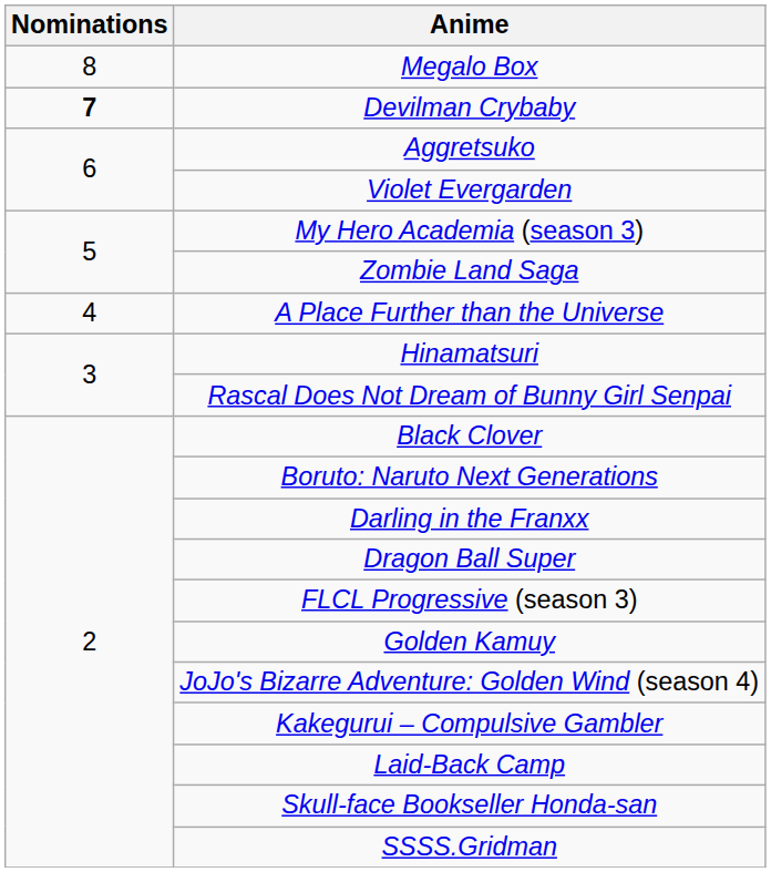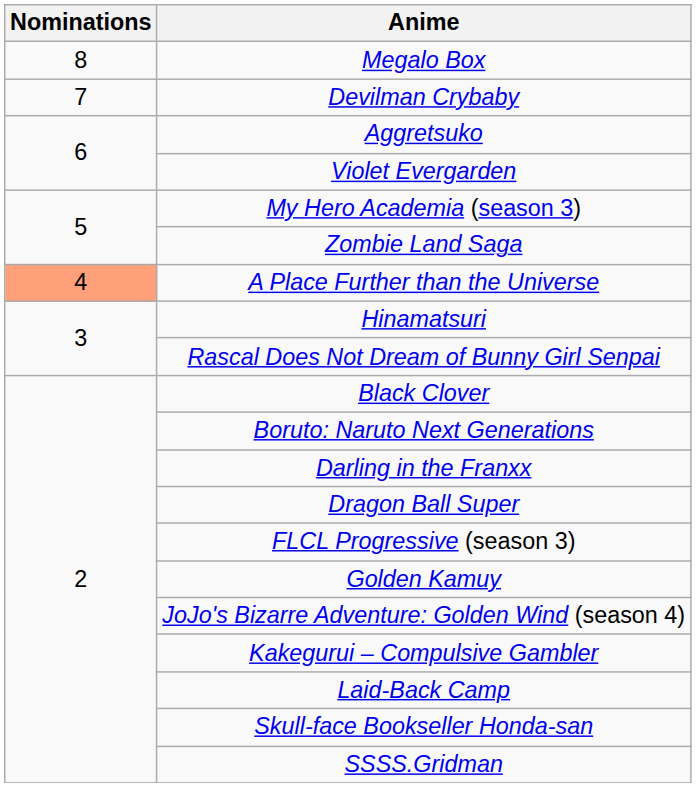 <table class="wikitable" style="text-align: center">
 <tr>
 <th scope="col" width="55">Nominations</th>
 <th scope="col" align="center">Anime</th>
 </tr>
 <tr>
 <td>8</td>
 <td><em><a href='#'>Megalo Box</a></em></td>
 </tr>
 <tr>
-<td><strong>7</strong></td>
+<td>7</td>
 <td><em><a href='#'>Devilman Crybaby</a></em></td>
 </tr>
 <tr>
 <td rowspan="2">6</td>
 <td><em><a href='#'>Aggretsuko</a></em></td>
 </tr>
 <tr>
 <td><em><a href='#'>Violet Evergarden</a></em></td>
 </tr>
 <tr>
 <td rowspan="2">5</td>
 <td><em><a href='#'>My Hero Academia</a></em> (<a href='#'>season 3</a>)</td>
 </tr>
 <tr>
 <td><em><a href='#'>Zombie Land Saga</a></em></td>
 </tr>
 <tr>
-<td>4</td>
+<td style="background: lightsalmon;">4</td>
 <td><em><a href='#'>A Place Further than the Universe</a></em></td>
 </tr>
 <tr>
 <td rowspan="2">3</td>
 <td><em><a href='#'>Hinamatsuri</a></em></td>
 </tr>
 <tr>
 <td><em><a href='#'>Rascal Does Not Dream of Bunny Girl Senpai</a></em></td>
 </tr>
 <tr>
 <td rowspan="11">2</td>
 <td><em><a href='#'>Black Clover</a></em></td>
 </tr>
 <tr>
 <td><em><a href='#'>Boruto: Naruto Next Generations</a></em></td>
 </tr>
 <tr>
 <td><em><a href='#'>Darling in the Franxx</a></em></td>
 </tr>
 <tr>
 <td><em><a href='#'>Dragon Ball Super</a></em></td>
 </tr>
 <tr>
 <td><em><a href='#'>FLCL Progressive</a></em> (season 3)</td>
 </tr>
 <tr>
 <td><em><a href='#'>Golden Kamuy</a></em></td>
 </tr>
 <tr>
 <td><em><a href='#'>JoJo's Bizarre Adventure: Golden Wind</a></em> (season 4)</td>
 </tr>
 <tr>
 <td><em><a href='#'>Kakegurui – Compulsive Gambler</a></em></td>
 </tr>
 <tr>
 <td><em><a href='#'>Laid-Back Camp</a></em></td>
 </tr>
 <tr>
 <td><em><a href='#'>Skull-face Bookseller Honda-san</a></em></td>
 </tr>
 <tr>
 <td><em><a href='#'>SSSS.Gridman</a></em></td>
 </tr>
 </table>
